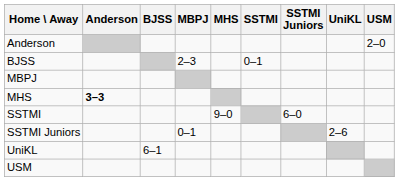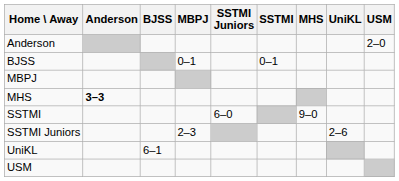 <table class="wikitable">
 <tr>
 <th>Home \ Away</th>
 <th>Anderson</th>
 <th>BJSS</th>
 <th>MBPJ</th>
+<th>SSTMI<br>Juniors</th>
+<th>SSTMI</th>
 <th>MHS</th>
-<th>SSTMI</th>
-<th>SSTMI<br>Juniors</th>
 <th>UniKL</th>
 <th>USM</th>
 </tr>
 <tr>
 <td>Anderson</td>
 <td bgcolor=#CCCCCC></td>
 <td></td>
 <td></td>
 <td></td>
 <td></td>
 <td></td>
 <td></td>
 <td>2–0</td>
 </tr>
 <tr>
 <td>BJSS</td>
 <td></td>
 <td bgcolor=#CCCCCC></td>
-<td>2–3</td>
+<td>0–1</td>
 <td></td>
 <td>0–1</td>
 <td></td>
 <td></td>
 <td></td>
 </tr>
 <tr>
 <td>MBPJ</td>
 <td></td>
 <td></td>
 <td bgcolor=#CCCCCC></td>
 <td></td>
 <td></td>
 <td></td>
 <td></td>
 <td></td>
 </tr>
 <tr>
 <td>MHS</td>
 <td><strong>3–3</strong></td>
 <td></td>
 <td></td>
-<td bgcolor=#CCCCCC></td>
 <td></td>
 <td></td>
+<td bgcolor=#CCCCCC></td>
 <td></td>
 <td></td>
 </tr>
 <tr>
 <td>SSTMI</td>
 <td></td>
 <td></td>
 <td></td>
+<td>6–0</td>
+<td bgcolor=#CCCCCC></td>
 <td>9–0</td>
-<td bgcolor=#CCCCCC></td>
-<td>6–0</td>
 <td></td>
 <td></td>
 </tr>
 <tr>
 <td>SSTMI Juniors</td>
 <td></td>
 <td></td>
-<td>0–1</td>
+<td>2–3</td>
+<td bgcolor=#CCCCCC></td>
 <td></td>
 <td></td>
-<td bgcolor=#CCCCCC></td>
 <td>2–6</td>
 <td></td>
 </tr>
 <tr>
 <td>UniKL</td>
 <td></td>
 <td>6–1</td>
 <td></td>
 <td></td>
 <td></td>
 <td></td>
 <td bgcolor=#CCCCCC></td>
 <td></td>
 </tr>
 <tr>
 <td>USM</td>
 <td></td>
 <td></td>
 <td></td>
 <td></td>
 <td></td>
 <td></td>
 <td></td>
 <td bgcolor=#CCCCCC></td>
 </tr>
 </table>
